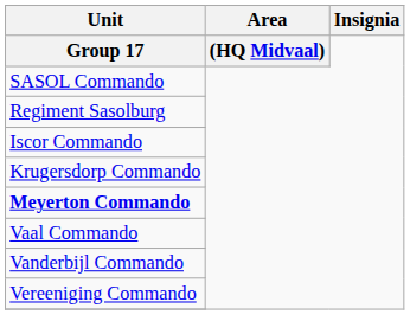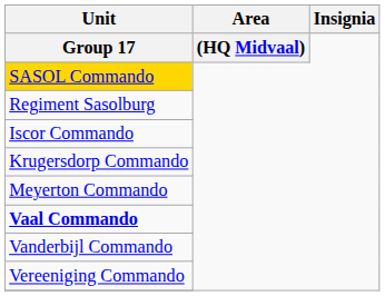 <table class="wikitable">
 <tr>
 <th>Unit</th>
 <th>Area</th>
 <th>Insignia</th>
 </tr>
 <tr>
 <th>Group 17</th>
 <th>(HQ <a href='#'>Midvaal</a>)</th>
 </tr>
 <tr>
-<td><a href='#'>SASOL Commando</a></td>
+<td style="background: gold;"><a href='#'>SASOL Commando</a></td>
 </tr>
 <tr>
 <td><a href='#'>Regiment Sasolburg</a></td>
 </tr>
 <tr>
 <td><a href='#'>Iscor Commando</a></td>
 </tr>
 <tr>
 <td><a href='#'>Krugersdorp Commando</a></td>
 </tr>
 <tr>
-<td><strong><a href='#'>Meyerton Commando</a></strong></td>
+<td><a href='#'>Meyerton Commando</a></td>
 </tr>
 <tr>
-<td><a href='#'>Vaal Commando</a></td>
+<td><strong><a href='#'>Vaal Commando</a></strong></td>
 </tr>
 <tr>
 <td><a href='#'>Vanderbijl Commando</a></td>
 </tr>
 <tr>
 <td><a href='#'>Vereeniging Commando</a></td>
 </tr>
 <tr>
 </tr>
 </table>
